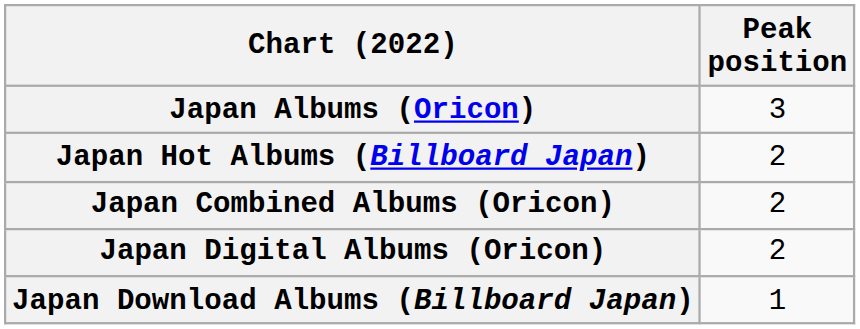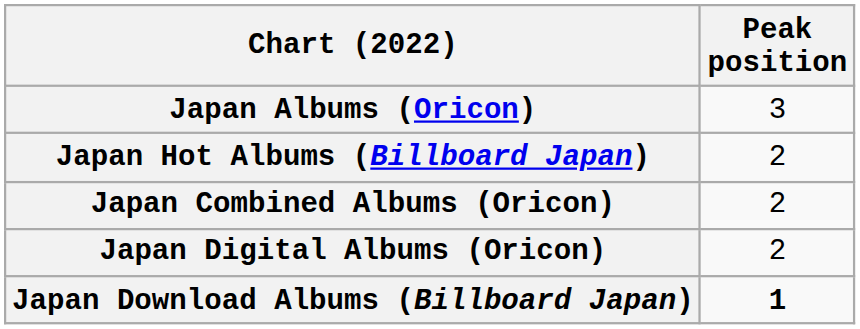 <table class="wikitable sortable plainrowheaders" style="text-align:center;">
 <tr>
 <th scope="col">Chart (2022)</th>
 <th scope="col">Peak<br>position</th>
 </tr>
 <tr>
 <th scope="row">Japan Albums (<a href='#'>Oricon</a>)</th>
 <td>3</td>
 </tr>
 <tr>
 <th scope="row">Japan Hot Albums (<em><a href='#'>Billboard Japan</a></em>)</th>
 <td>2</td>
 </tr>
 <tr>
 <th scope="row">Japan Combined Albums (Oricon)</th>
 <td>2</td>
 </tr>
 <tr>
 <th scope="row">Japan Digital Albums (Oricon)</th>
 <td>2</td>
 </tr>
 <tr>
 <th scope="row">Japan Download Albums (<em>Billboard Japan</em>)</th>
-<td>1</td>
+<td><strong>1</strong></td>
 </tr>
 </table>
